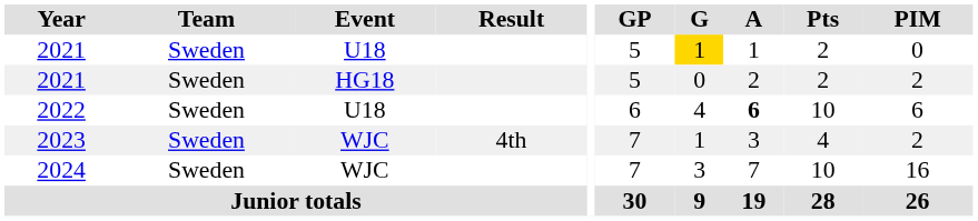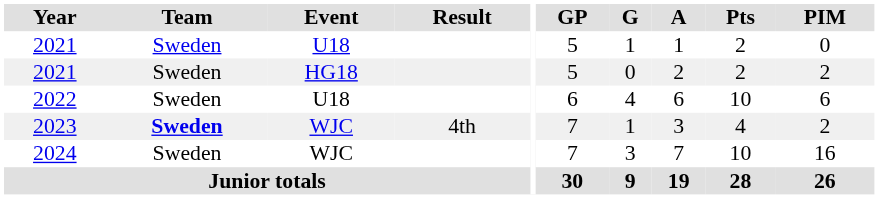 <table border="0" cellpadding="1" cellspacing="0" ID="Table3" style="text-align:center; width:40em">
 <tr bgcolor="#e0e0e0">
 <th>Year</th>
 <th>Team</th>
 <th>Event</th>
 <th>Result</th>
 <th rowspan="99" bgcolor="#ffffff"></th>
 <th>GP</th>
 <th>G</th>
 <th>A</th>
 <th>Pts</th>
 <th>PIM</th>
 </tr>
 <tr>
 <td><a href='#'>2021</a></td>
 <td><a href='#'>Sweden</a></td>
 <td><a href='#'>U18</a></td>
 <td></td>
 <td>5</td>
-<td style="background: gold;">1</td>
+<td>1</td>
 <td>1</td>
 <td>2</td>
 <td>0</td>
 </tr>
 <tr bgcolor="#f0f0f0">
 <td><a href='#'>2021</a></td>
 <td>Sweden</td>
 <td><a href='#'>HG18</a></td>
 <td></td>
 <td>5</td>
 <td>0</td>
 <td>2</td>
 <td>2</td>
 <td>2</td>
 </tr>
 <tr>
 <td><a href='#'>2022</a></td>
 <td>Sweden</td>
 <td>U18</td>
 <td></td>
 <td>6</td>
 <td>4</td>
-<td><strong>6</strong></td>
+<td>6</td>
 <td>10</td>
 <td>6</td>
 </tr>
 <tr bgcolor="#f0f0f0">
 <td><a href='#'>2023</a></td>
-<td><a href='#'>Sweden</a></td>
+<td><strong><a href='#'>Sweden</a></strong></td>
 <td><a href='#'>WJC</a></td>
 <td>4th</td>
 <td>7</td>
 <td>1</td>
 <td>3</td>
 <td>4</td>
 <td>2</td>
 </tr>
 <tr>
 <td><a href='#'>2024</a></td>
 <td>Sweden</td>
 <td>WJC</td>
 <td></td>
 <td>7</td>
 <td>3</td>
 <td>7</td>
 <td>10</td>
 <td>16</td>
 </tr>
 <tr bgcolor="#e0e0e0">
 <th colspan="4">Junior totals</th>
 <th>30</th>
 <th>9</th>
 <th>19</th>
 <th>28</th>
 <th>26</th>
 </tr>
 </table>
